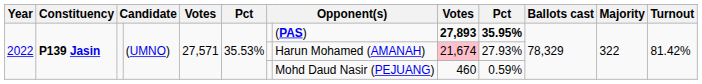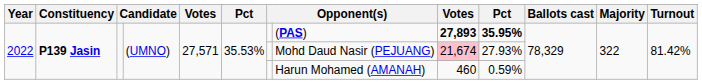 <table class="wikitable" style="margin:0.5em ; font-size:95%">
 <tr>
 <th>Year</th>
 <th>Constituency</th>
 <th colspan=2>Candidate</th>
 <th>Votes</th>
 <th>Pct</th>
 <th colspan=2>Opponent(s)</th>
 <th>Votes</th>
 <th>Pct</th>
 <th>Ballots cast</th>
 <th>Majority</th>
 <th>Turnout</th>
 </tr>
 <tr>
 <td rowspan="3"><a href='#'>2022</a></td>
 <td rowspan="3"><strong>P139 <a href='#'>Jasin</a></strong></td>
 <td rowspan="3" ></td>
 <td rowspan="3"> (<a href='#'>UMNO</a>)</td>
 <td rowspan="3" align="right">27,571</td>
 <td rowspan="3">35.53%</td>
 <td></td>
 <td> (<a href='#'><strong>PAS</strong></a>)</td>
 <td align="right"><strong>27,893</strong></td>
 <td><strong>35.95%</strong></td>
 <td rowspan="3">78,329</td>
 <td rowspan="3">322</td>
 <td rowspan="3">81.42%</td>
 </tr>
 <tr>
 <td></td>
-<td>Harun Mohamed (<a href='#'>AMANAH</a>)</td>
+<td>Mohd Daud Nasir (<a href='#'>PEJUANG</a>)</td>
 <td align="right" style="background: pink;">21,674</td>
 <td>27.93%</td>
 </tr>
 <tr>
 <td bgcolor=></td>
-<td>Mohd Daud Nasir (<a href='#'>PEJUANG</a>)</td>
+<td>Harun Mohamed (<a href='#'>AMANAH</a>)</td>
 <td align="right">460</td>
 <td align="right">0.59%</td>
 </tr>
 </table>
